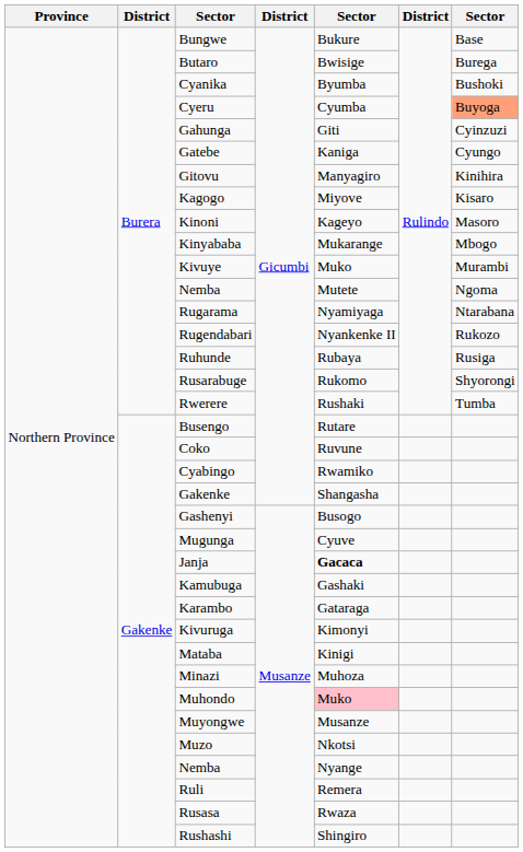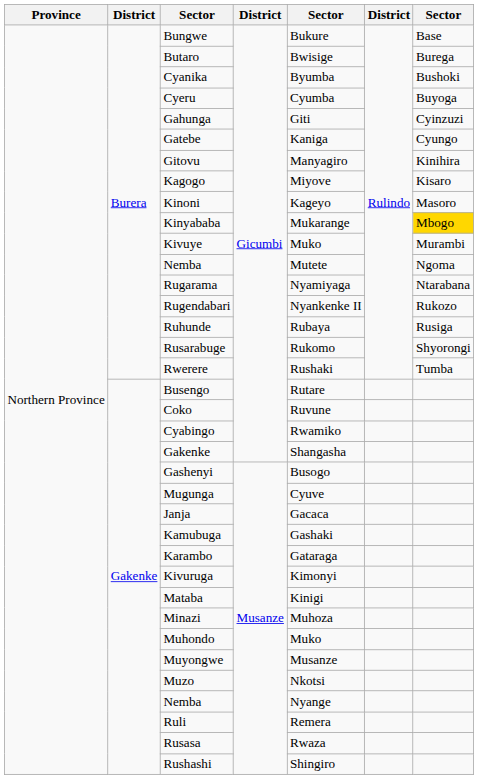 <table class="wikitable">
 <tr>
 <th>Province</th>
 <th>District</th>
 <th>Sector</th>
 <th>District</th>
 <th>Sector</th>
 <th>District</th>
 <th>Sector</th>
 </tr>
 <tr>
 <td rowspan="36">Northern Province</td>
 <td rowspan="17"><a href='#'>Burera</a></td>
 <td>Bungwe</td>
 <td rowspan="21"><a href='#'>Gicumbi</a></td>
 <td>Bukure</td>
 <td rowspan="17"><a href='#'>Rulindo</a></td>
 <td>Base</td>
 </tr>
 <tr>
 <td>Butaro</td>
 <td>Bwisige</td>
 <td>Burega</td>
 </tr>
 <tr>
 <td>Cyanika</td>
 <td>Byumba</td>
 <td>Bushoki</td>
 </tr>
 <tr>
 <td>Cyeru</td>
 <td>Cyumba</td>
-<td style="background: lightsalmon;">Buyoga</td>
+<td>Buyoga</td>
 </tr>
 <tr>
 <td>Gahunga</td>
 <td>Giti</td>
 <td>Cyinzuzi</td>
 </tr>
 <tr>
 <td>Gatebe</td>
 <td>Kaniga</td>
 <td>Cyungo</td>
 </tr>
 <tr>
 <td>Gitovu</td>
 <td>Manyagiro</td>
 <td>Kinihira</td>
 </tr>
 <tr>
 <td>Kagogo</td>
 <td>Miyove</td>
 <td>Kisaro</td>
 </tr>
 <tr>
 <td>Kinoni</td>
 <td>Kageyo</td>
 <td>Masoro</td>
 </tr>
 <tr>
 <td>Kinyababa</td>
 <td>Mukarange</td>
-<td>Mbogo</td>
+<td style="background: gold;">Mbogo</td>
 </tr>
 <tr>
 <td>Kivuye</td>
 <td>Muko</td>
 <td>Murambi</td>
 </tr>
 <tr>
 <td>Nemba</td>
 <td>Mutete</td>
 <td>Ngoma</td>
 </tr>
 <tr>
 <td>Rugarama</td>
 <td>Nyamiyaga</td>
 <td>Ntarabana</td>
 </tr>
 <tr>
 <td>Rugendabari</td>
 <td>Nyankenke II</td>
 <td>Rukozo</td>
 </tr>
 <tr>
 <td>Ruhunde</td>
 <td>Rubaya</td>
 <td>Rusiga</td>
 </tr>
 <tr>
 <td>Rusarabuge</td>
 <td>Rukomo</td>
 <td>Shyorongi</td>
 </tr>
 <tr>
 <td>Rwerere</td>
 <td>Rushaki</td>
 <td>Tumba</td>
 </tr>
 <tr>
 <td rowspan="19"><a href='#'>Gakenke</a></td>
 <td>Busengo</td>
 <td>Rutare</td>
 <td></td>
 <td></td>
 </tr>
 <tr>
 <td>Coko</td>
 <td>Ruvune</td>
 <td></td>
 <td></td>
 </tr>
 <tr>
 <td>Cyabingo</td>
 <td>Rwamiko</td>
 <td></td>
 <td></td>
 </tr>
 <tr>
 <td>Gakenke</td>
 <td>Shangasha</td>
 <td></td>
 <td></td>
 </tr>
 <tr>
 <td>Gashenyi</td>
 <td rowspan="15"><a href='#'>Musanze</a></td>
 <td>Busogo</td>
 <td></td>
 <td></td>
 </tr>
 <tr>
 <td>Mugunga</td>
 <td>Cyuve</td>
 <td></td>
 <td></td>
 </tr>
 <tr>
 <td>Janja</td>
-<td><strong>Gacaca</strong></td>
+<td>Gacaca</td>
 <td></td>
 <td></td>
 </tr>
 <tr>
 <td>Kamubuga</td>
 <td>Gashaki</td>
 <td></td>
 <td></td>
 </tr>
 <tr>
 <td>Karambo</td>
 <td>Gataraga</td>
 <td></td>
 <td></td>
 </tr>
 <tr>
 <td>Kivuruga</td>
 <td>Kimonyi</td>
 <td></td>
 <td></td>
 </tr>
 <tr>
 <td>Mataba</td>
 <td>Kinigi</td>
 <td></td>
 <td></td>
 </tr>
 <tr>
 <td>Minazi</td>
 <td>Muhoza</td>
 <td></td>
 <td></td>
 </tr>
 <tr>
 <td>Muhondo</td>
-<td style="background: pink;">Muko</td>
+<td>Muko</td>
 <td></td>
 <td></td>
 </tr>
 <tr>
 <td>Muyongwe</td>
 <td>Musanze</td>
 <td></td>
 <td></td>
 </tr>
 <tr>
 <td>Muzo</td>
 <td>Nkotsi</td>
 <td></td>
 <td></td>
 </tr>
 <tr>
 <td>Nemba</td>
 <td>Nyange</td>
 <td></td>
 <td></td>
 </tr>
 <tr>
 <td>Ruli</td>
 <td>Remera</td>
 <td></td>
 <td></td>
 </tr>
 <tr>
 <td>Rusasa</td>
 <td>Rwaza</td>
 <td></td>
 <td></td>
 </tr>
 <tr>
 <td>Rushashi</td>
 <td>Shingiro</td>
 <td></td>
 <td></td>
 </tr>
 </table>
